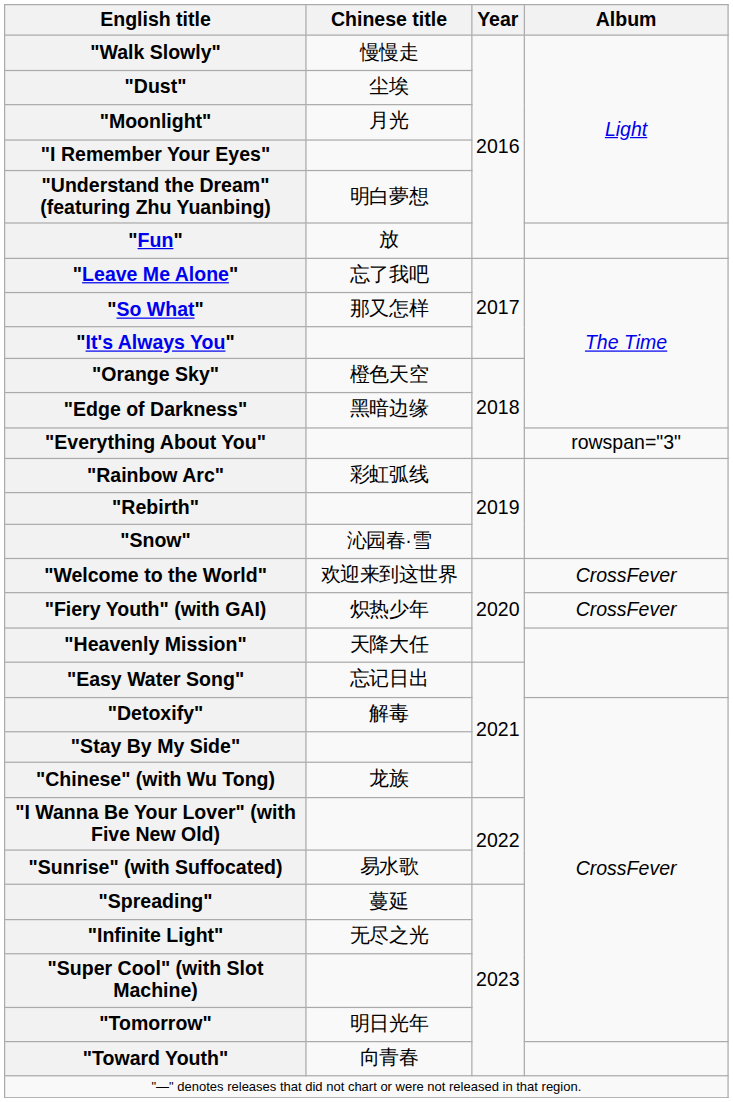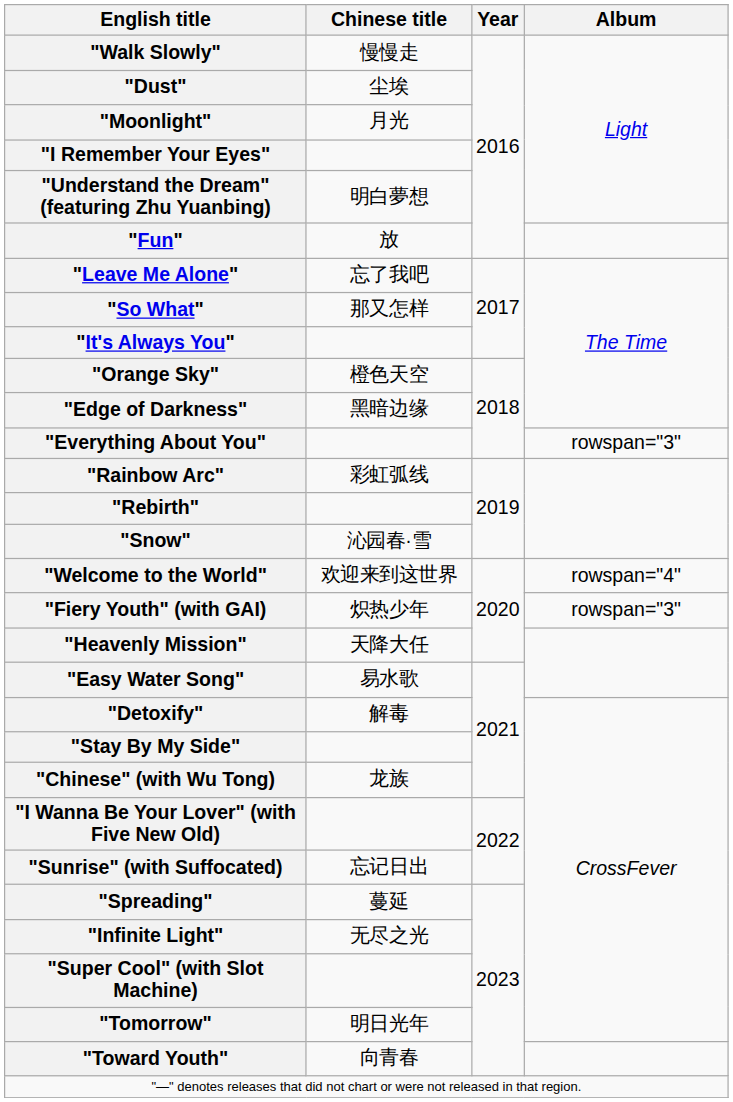 <table class="wikitable plainrowheaders" style="text-align:center;">
 <tr>
 <th rowspan="1" scope="col" style="width:15em;">English title</th>
 <th rowspan="1" scope="col" style="width:8em;">Chinese title</th>
 <th rowspan="1" scope="col" style="width:1em;">Year</th>
 <th rowspan="1" scope="col" style="width:10em;">Album</th>
 </tr>
 <tr>
 <th scope="row">"Walk Slowly"</th>
 <td>慢慢走</td>
 <td rowspan="6">2016</td>
 <td rowspan="5"><em><a href='#'>Light</a></em></td>
 </tr>
 <tr>
 <th scope="row">"Dust"</th>
 <td>尘埃</td>
 </tr>
 <tr>
 <th scope="row">"Moonlight"</th>
 <td>月光</td>
 </tr>
 <tr>
 <th scope="row">"I Remember Your Eyes"</th>
 <td></td>
 </tr>
 <tr>
 <th scope="row">"Understand the Dream"<br><span>(featuring Zhu Yuanbing)</span></th>
 <td>明白夢想</td>
 </tr>
 <tr>
 <th scope="row">"<a href='#'>Fun</a>"</th>
 <td>放</td>
 <td></td>
 </tr>
 <tr>
 <th scope="row">"<a href='#'>Leave Me Alone</a>"</th>
 <td>忘了我吧</td>
 <td rowspan="3">2017</td>
 <td rowspan="5"><em><a href='#'>The Time</a></em></td>
 </tr>
 <tr>
 <th scope="row">"<a href='#'>So What</a>"</th>
 <td>那又怎样</td>
 </tr>
 <tr>
 <th scope="row">"<a href='#'>It's Always You</a>"</th>
 <td></td>
 </tr>
 <tr>
 <th scope="row">"Orange Sky"</th>
 <td>橙色天空</td>
 <td rowspan="3">2018</td>
 </tr>
 <tr>
 <th scope="row">"Edge of Darkness"</th>
 <td>黑暗边缘</td>
 </tr>
 <tr>
 <th scope="row">"Everything About You"</th>
 <td></td>
 <td>rowspan="3"</td>
 </tr>
 <tr>
 <th scope="row">"Rainbow Arc"</th>
 <td>彩虹弧线</td>
 <td rowspan="3">2019</td>
 </tr>
 <tr>
 <th scope="row">"Rebirth"</th>
 <td></td>
 </tr>
 <tr>
 <th scope="row">"Snow"</th>
 <td>沁园春·雪</td>
 </tr>
 <tr>
 <th scope="row">"Welcome to the World"</th>
 <td>欢迎来到这世界</td>
 <td rowspan="3">2020</td>
-<td><em>CrossFever</em></td>
+<td>rowspan="4" </td>
 </tr>
 <tr>
 <th scope="row">"Fiery Youth" <span>(with GAI)</span></th>
 <td>炽热少年</td>
-<td><em>CrossFever</em></td>
+<td>rowspan="3"</td>
 </tr>
 <tr>
 <th scope="row">"Heavenly Mission"</th>
 <td>天降大任</td>
 </tr>
 <tr>
 <th scope="row">"Easy Water Song"</th>
-<td>忘记日出</td>
+<td>易水歌</td>
 <td rowspan="4">2021</td>
 </tr>
 <tr>
 <th scope="row">"Detoxify"</th>
 <td>解毒</td>
 <td rowspan="9"><em>CrossFever</em></td>
 </tr>
 <tr>
 <th scope="row">"Stay By My Side"</th>
 <td></td>
 </tr>
 <tr>
 <th scope="row">"Chinese" <span>(with Wu Tong)</span></th>
 <td>龙族</td>
 </tr>
 <tr>
 <th scope="row">"I Wanna Be Your Lover" <span>(with Five New Old)</span></th>
 <td></td>
 <td rowspan="2">2022</td>
 </tr>
 <tr>
 <th scope="row">"Sunrise" <span>(with Suffocated)</span></th>
-<td>易水歌</td>
+<td>忘记日出</td>
 </tr>
 <tr>
 <th scope="row">"Spreading"</th>
 <td>蔓延</td>
 <td rowspan="5">2023</td>
 </tr>
 <tr>
 <th scope="row">"Infinite Light"</th>
 <td>无尽之光</td>
 </tr>
 <tr>
 <th scope="row">"Super Cool" <span>(with Slot Machine)</span></th>
 <td></td>
 </tr>
 <tr>
 <th scope="row">"Tomorrow"</th>
 <td>明日光年</td>
 </tr>
 <tr>
 <th scope="row">"Toward Youth"</th>
 <td>向青春</td>
 <td></td>
 </tr>
 <tr>
 <td colspan="4" style="font-size:8pt;">"—" denotes releases that did not chart or were not released in that region.</td>
 </tr>
 </table>
